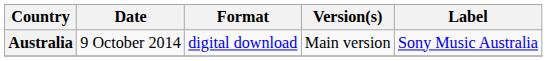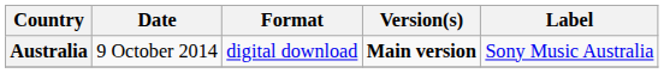 <table class="wikitable plainrowheaders">
 <tr>
 <th scope="col">Country</th>
 <th scope="col">Date</th>
 <th scope="col">Format</th>
 <th scope="col">Version(s)</th>
 <th scope="col">Label</th>
 </tr>
 <tr>
 <th scope="row" rowspan="1">Australia</th>
 <td>9 October 2014</td>
 <td><a href='#'>digital download</a></td>
-<td>Main version</td>
+<td><strong>Main version</strong></td>
 <td><a href='#'>Sony Music Australia</a></td>
 </tr>
 <tr>
 </tr>
 </table>
